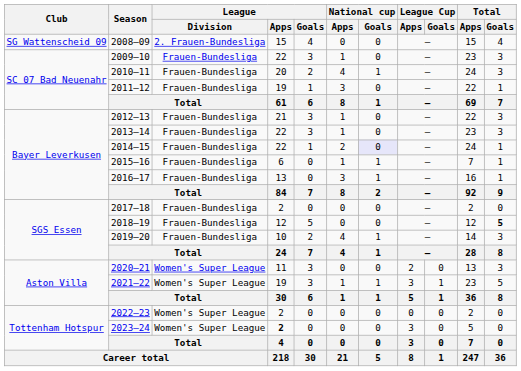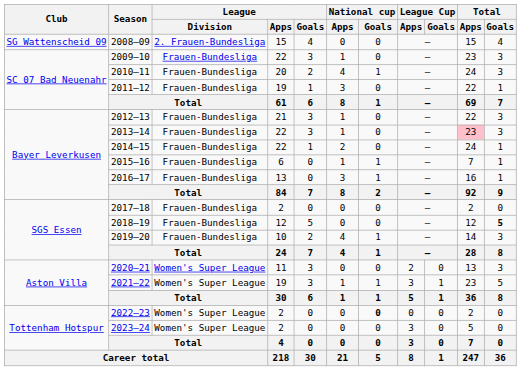 <table class="wikitable" style="text-align:center">
 <tr>
 <th rowspan="2">Club</th>
 <th rowspan="2">Season</th>
 <th colspan="3">League</th>
 <th colspan="2">National cup</th>
 <th colspan="2">League Cup</th>
 <th colspan="2">Total</th>
 </tr>
 <tr>
 <th>Division</th>
 <th>Apps</th>
 <th>Goals</th>
 <th>Apps</th>
 <th>Goals</th>
 <th>Apps</th>
 <th>Goals</th>
 <th>Apps</th>
 <th>Goals</th>
 </tr>
 <tr>
 <td><a href='#'>SG Wattenscheid 09</a></td>
 <td>2008–09</td>
 <td><a href='#'>2. Frauen-Bundesliga</a></td>
 <td>15</td>
 <td>4</td>
 <td>0</td>
 <td>0</td>
 <td colspan="2">—</td>
 <td>15</td>
 <td>4</td>
 </tr>
 <tr>
 <td rowspan="4"><a href='#'>SC 07 Bad Neuenahr</a></td>
 <td>2009–10</td>
 <td><a href='#'>Frauen-Bundesliga</a></td>
 <td>22</td>
 <td>3</td>
 <td>1</td>
 <td>0</td>
 <td colspan="2">—</td>
 <td>23</td>
 <td>3</td>
 </tr>
 <tr>
 <td>2010–11</td>
 <td>Frauen-Bundesliga</td>
 <td>20</td>
 <td>2</td>
 <td>4</td>
 <td>1</td>
 <td colspan="2">—</td>
 <td>24</td>
 <td>3</td>
 </tr>
 <tr>
 <td>2011–12</td>
 <td>Frauen-Bundesliga</td>
 <td>19</td>
 <td>1</td>
 <td>3</td>
 <td>0</td>
 <td colspan="2">—</td>
 <td>22</td>
 <td>1</td>
 </tr>
 <tr>
 <th colspan="2">Total</th>
 <th>61</th>
 <th>6</th>
 <th>8</th>
 <th>1</th>
 <th colspan="2">—</th>
 <th>69</th>
 <th>7</th>
 </tr>
 <tr>
 <td rowspan="6"><a href='#'>Bayer Leverkusen</a></td>
 <td>2012–13</td>
 <td>Frauen-Bundesliga</td>
 <td>21</td>
 <td>3</td>
 <td>1</td>
 <td>0</td>
 <td colspan="2">—</td>
 <td>22</td>
 <td>3</td>
 </tr>
 <tr>
 <td>2013–14</td>
 <td>Frauen-Bundesliga</td>
 <td>22</td>
 <td>3</td>
 <td>1</td>
 <td>0</td>
 <td colspan="2">—</td>
-<td>23</td>
+<td style="background: pink;">23</td>
 <td>3</td>
 </tr>
 <tr>
 <td>2014–15</td>
 <td>Frauen-Bundesliga</td>
 <td>22</td>
 <td>1</td>
 <td>2</td>
-<td style="background: lavender;">0</td>
+<td>0</td>
 <td colspan="2">—</td>
 <td>24</td>
 <td>1</td>
 </tr>
 <tr>
 <td>2015–16</td>
 <td>Frauen-Bundesliga</td>
 <td>6</td>
 <td>0</td>
 <td>1</td>
 <td>1</td>
 <td colspan="2">—</td>
 <td>7</td>
 <td>1</td>
 </tr>
 <tr>
 <td>2016–17</td>
 <td>Frauen-Bundesliga</td>
 <td>13</td>
 <td>0</td>
 <td>3</td>
 <td>1</td>
 <td colspan="2">—</td>
 <td>16</td>
 <td>1</td>
 </tr>
 <tr>
 <th colspan="2">Total</th>
 <th>84</th>
 <th>7</th>
 <th>8</th>
 <th>2</th>
 <th colspan="2">—</th>
 <th>92</th>
 <th>9</th>
 </tr>
 <tr>
 <td rowspan="4"><a href='#'>SGS Essen</a></td>
 <td>2017–18</td>
 <td>Frauen-Bundesliga</td>
 <td>2</td>
 <td>0</td>
 <td>0</td>
 <td>0</td>
 <td colspan="2">—</td>
 <td>2</td>
 <td>0</td>
 </tr>
 <tr>
 <td>2018–19</td>
 <td>Frauen-Bundesliga</td>
 <td>12</td>
 <td>5</td>
 <td>0</td>
 <td>0</td>
 <td colspan="2">—</td>
 <td>12</td>
 <td><strong>5</strong></td>
 </tr>
 <tr>
 <td>2019–20</td>
 <td>Frauen-Bundesliga</td>
 <td>10</td>
 <td>2</td>
 <td>4</td>
 <td>1</td>
 <td colspan="2">—</td>
 <td>14</td>
 <td>3</td>
 </tr>
 <tr>
 <th colspan="2">Total</th>
 <th>24</th>
 <th>7</th>
 <th>4</th>
 <th>1</th>
 <th colspan="2">—</th>
 <th>28</th>
 <th>8</th>
 </tr>
 <tr>
 <td rowspan="3"><a href='#'>Aston Villa</a></td>
 <td><a href='#'>2020–21</a></td>
 <td><a href='#'>Women's Super League</a></td>
 <td>11</td>
 <td>3</td>
 <td>0</td>
 <td>0</td>
 <td>2</td>
 <td>0</td>
 <td>13</td>
 <td>3</td>
 </tr>
 <tr>
 <td><a href='#'>2021–22</a></td>
 <td>Women's Super League</td>
 <td>19</td>
 <td>3</td>
 <td>1</td>
 <td>1</td>
 <td>3</td>
 <td>1</td>
 <td>23</td>
 <td>5</td>
 </tr>
 <tr>
 <th colspan="2">Total</th>
 <th>30</th>
 <th>6</th>
 <th>1</th>
 <th>1</th>
 <th>5</th>
 <th>1</th>
 <th>36</th>
 <th>8</th>
 </tr>
 <tr>
 <td rowspan="3"><a href='#'>Tottenham Hotspur</a></td>
 <td><a href='#'>2022–23</a></td>
 <td>Women's Super League</td>
 <td>2</td>
 <td>0</td>
 <td>0</td>
-<td>0</td>
+<td><strong>0</strong></td>
 <td>0</td>
 <td>0</td>
 <td>2</td>
 <td>0</td>
 </tr>
 <tr>
 <td><a href='#'>2023–24</a></td>
 <td>Women's Super League</td>
-<td><strong>2</strong></td>
+<td>2</td>
 <td>0</td>
 <td>0</td>
 <td>0</td>
 <td>3</td>
 <td>0</td>
 <td>5</td>
 <td>0</td>
 </tr>
 <tr>
 <th colspan="2">Total</th>
 <th>4</th>
 <th>0</th>
 <th>0</th>
 <th>0</th>
 <th>3</th>
 <th>0</th>
 <th>7</th>
 <th>0</th>
 </tr>
 <tr>
 <th colspan="3">Career total</th>
 <th>218</th>
 <th>30</th>
 <th>21</th>
 <th>5</th>
 <th>8</th>
 <th>1</th>
 <th>247</th>
 <th>36</th>
 </tr>
 </table>
